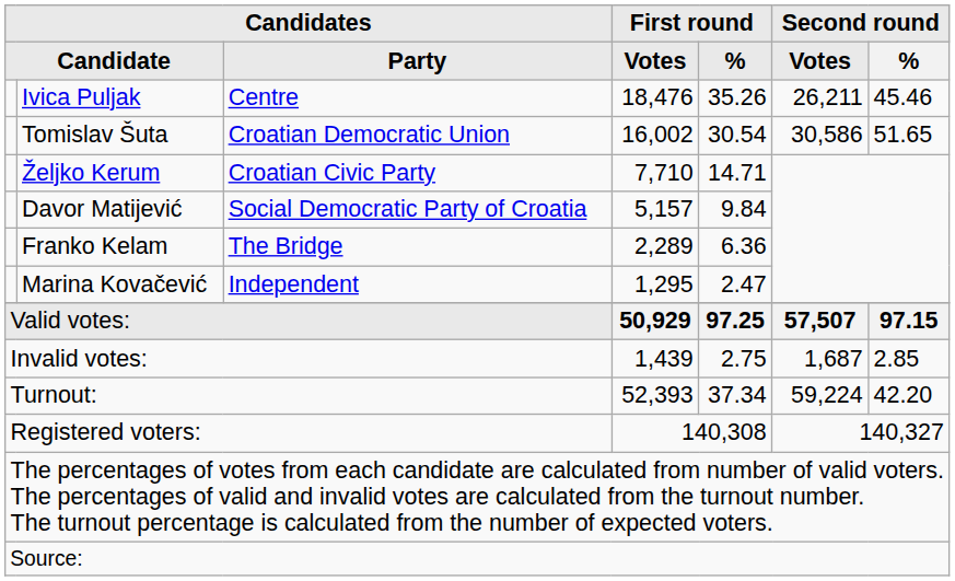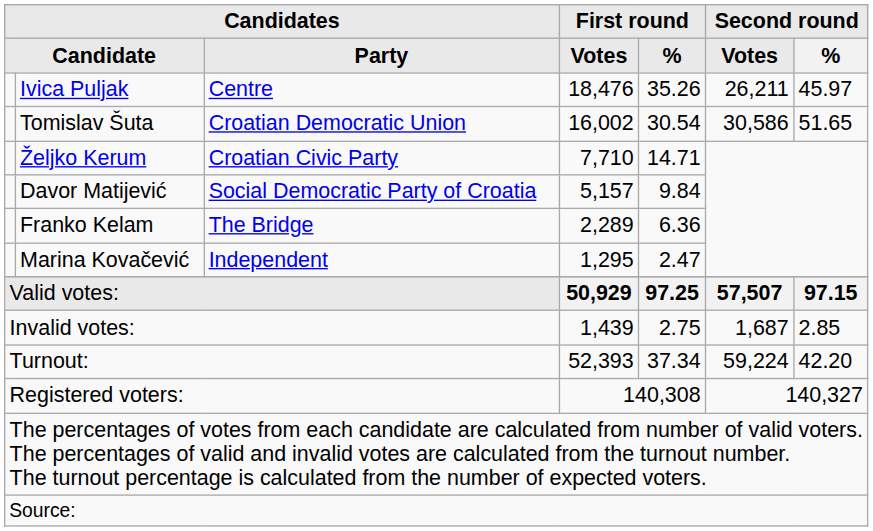 <table class="wikitable" border="1">
 <tr style="background-color:#C9C9C9">
 <th colspan="3" align="center" style="background-color:#E9E9E9">Candidates</th>
 <th colspan="2" align="center" style="background-color:#E9E9E9">First round</th>
 <th colspan="2" align="center" style="background-color:#E9E9E9">Second round</th>
 </tr>
 <tr>
 <th colspan="2" align="center" style="background-color:#E9E9E9">Candidate</th>
 <th align="center" style="background-color:#E9E9E9">Party</th>
 <th align="center" style="background-color:#E9E9E9">Votes</th>
 <th align="center" style="background-color:#E9E9E9">%</th>
 <th align="center" style="background-color:#E9E9E9">Votes</th>
 <th align="center">%</th>
 </tr>
 <tr>
 <td></td>
 <td align="left"><a href='#'>Ivica Puljak<strong></a></td>
 <td align="left"><a href='#'>Centre</a></td>
 <td align="right">18,476</td>
 <td align="right">35.26</td>
 <td align="right">26,211</td>
-<td>45.46</td>
+<td>45.97</td>
 </tr>
 <tr>
 <td></td>
 <td align="left"></strong>Tomislav Šuta<strong></td>
 <td align="left"><a href='#'></strong>Croatian Democratic Union<strong></a></td>
 <td align="right">16,002</td>
 <td align="right">30.54</td>
 <td align="right"></strong>30,586<strong></td>
 <td></strong>51.65<strong></td>
 </tr>
 <tr>
 <td></td>
 <td align="left"><a href='#'>Željko Kerum</a></td>
 <td align="left"><a href='#'>Croatian Civic Party</a></td>
 <td align="right">7,710</td>
 <td align="right">14.71</td>
 <td colspan="2" rowspan="4"></td>
 </tr>
 <tr>
 <td></td>
 <td align="left">Davor Matijević</td>
 <td align="left"><a href='#'>Social Democratic Party of Croatia</a></td>
 <td align="right">5,157</td>
 <td align="right">9.84</td>
 </tr>
 <tr>
 <td></td>
 <td align="left">Franko Kelam</td>
 <td align="left"><a href='#'>The Bridge</a></td>
 <td align="right">2,289</td>
 <td align="right">6.36</td>
 </tr>
 <tr>
 <td></td>
 <td>Marina Kovačević</td>
 <td><a href='#'>Independent</a></td>
 <td align="right">1,295</td>
 <td align="right">2.47</td>
 </tr>
 <tr>
 </tr>
 <tr style="background-color:#E9E9E9">
 <td colspan="3" align="left"></strong>Valid votes:<strong></td>
 <th align="right">50,929</th>
 <th align="right">97.25</th>
 <th align="right">57,507</th>
 <th>97.15</th>
 </tr>
 <tr>
 <td colspan="3" align="left"></strong>Invalid votes:<strong></td>
 <td align="right">1,439</td>
 <td align="right">2.75</td>
 <td align="right">1,687</td>
 <td>2.85</td>
 </tr>
 <tr>
 <td colspan="3" align="left"></strong>Turnout:<strong></td>
 <td align="right">52,393</td>
 <td align="right">37.34</td>
 <td align="right">59,224</td>
 <td>42.20</td>
 </tr>
 <tr>
 <td colspan="3" align="left"></strong>Registered voters:<strong></td>
 <td colspan="2" align="right">140,308</td>
 <td colspan="2" align="right">140,327</td>
 </tr>
 <tr>
 <td colspan="7" align="left">The percentages of votes from each candidate are calculated from number of valid voters. <br> The percentages of valid and invalid votes are calculated from the turnout number. <br> The turnout percentage is calculated from the number of expected voters.</td>
 </tr>
 <tr>
 <td colspan="7" align="left" style="font-size: 90%">Source:</td>
 </tr>
 </table>
